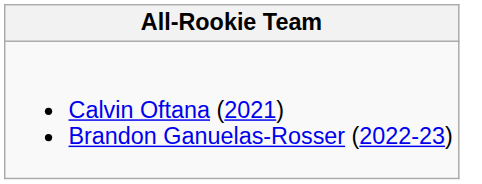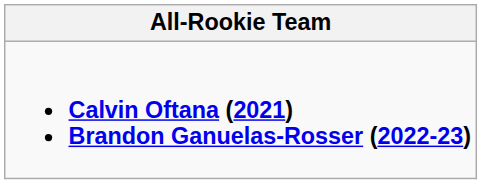 <table class=wikitable>
 <tr>
 <th>All-Rookie Team</th>
 </tr>
 <tr>
-<td valign="top"><br><ul><li><a href='#'>Calvin Oftana</a> (<a href='#'>2021</a>)</li><li><a href='#'>Brandon Ganuelas-Rosser</a> (<a href='#'>2022-23</a>)</li></ul></td>
+<td valign="top"><strong><br><ul><li><a href='#'>Calvin Oftana</a> (<a href='#'>2021</a>)</li><li><a href='#'>Brandon Ganuelas-Rosser</a> (<a href='#'>2022-23</a>)</li></ul></strong></td>
 </tr>
 </table>
